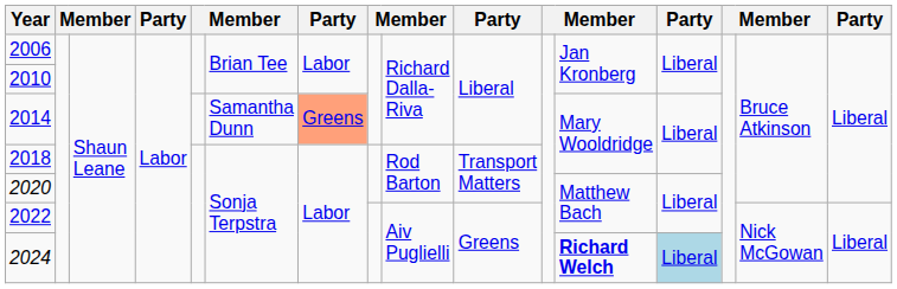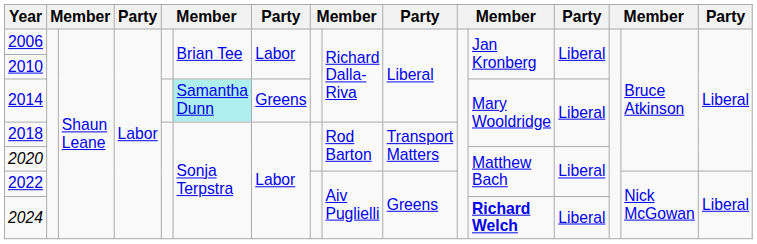 <table class=wikitable>
 <tr>
 <th>Year</th>
 <th colspan=2>Member</th>
 <th>Party</th>
 <th colspan=2>Member</th>
 <th>Party</th>
 <th colspan=2>Member</th>
 <th>Party</th>
 <th colspan=2>Member</th>
 <th>Party</th>
 <th colspan=2>Member</th>
 <th>Party</th>
 </tr>
 <tr>
 <td><a href='#'>2006</a></td>
 <td rowspan=7 > </td>
 <td rowspan=7><a href='#'>Shaun Leane</a></td>
 <td rowspan=7><a href='#'>Labor</a></td>
 <td rowspan=2 > </td>
 <td rowspan=2><a href='#'>Brian Tee</a></td>
 <td rowspan=2><a href='#'>Labor</a></td>
 <td rowspan=3 > </td>
 <td rowspan=3><a href='#'>Richard Dalla-Riva</a></td>
 <td rowspan=3><a href='#'>Liberal</a></td>
 <td rowspan=7 > </td>
 <td rowspan=2><a href='#'>Jan Kronberg</a></td>
 <td rowspan=2><a href='#'>Liberal</a></td>
 <td rowspan=7 > </td>
 <td rowspan=5><a href='#'>Bruce Atkinson</a></td>
 <td rowspan=5><a href='#'>Liberal</a></td>
 </tr>
 <tr>
 <td><a href='#'>2010</a></td>
 </tr>
 <tr>
 <td><a href='#'>2014</a></td>
 <td> </td>
-<td><a href='#'>Samantha Dunn</a></td>
-<td style="background: lightsalmon;"><a href='#'>Greens</a></td>
+<td style="background: paleturquoise;"><a href='#'>Samantha Dunn</a></td>
+<td><a href='#'>Greens</a></td>
 <td rowspan=2><a href='#'>Mary Wooldridge</a></td>
 <td rowspan=2><a href='#'>Liberal</a></td>
 </tr>
 <tr>
 <td><a href='#'>2018</a></td>
 <td rowspan=4 > </td>
 <td rowspan=4><a href='#'>Sonja Terpstra</a></td>
 <td rowspan=4><a href='#'>Labor</a></td>
 <td rowspan=2 > </td>
 <td rowspan=2><a href='#'>Rod Barton</a></td>
 <td rowspan=2><a href='#'>Transport Matters</a></td>
 </tr>
 <tr>
 <td><em>2020</em></td>
 <td rowspan=2><a href='#'>Matthew Bach</a></td>
 <td rowspan=2><a href='#'>Liberal</a></td>
 </tr>
 <tr>
 <td><a href='#'>2022</a></td>
 <td rowspan=2 > </td>
 <td rowspan=2><a href='#'>Aiv Puglielli</a></td>
 <td rowspan=2><a href='#'>Greens</a></td>
 <td rowspan=2><a href='#'>Nick McGowan</a></td>
 <td rowspan=2><a href='#'>Liberal</a></td>
 </tr>
 <tr>
 <td><em>2024</em></td>
 <td><strong><a href='#'>Richard Welch</a></strong></td>
-<td style="background: lightblue;"><a href='#'>Liberal</a></td>
+<td><a href='#'>Liberal</a></td>
 </tr>
 </table>
